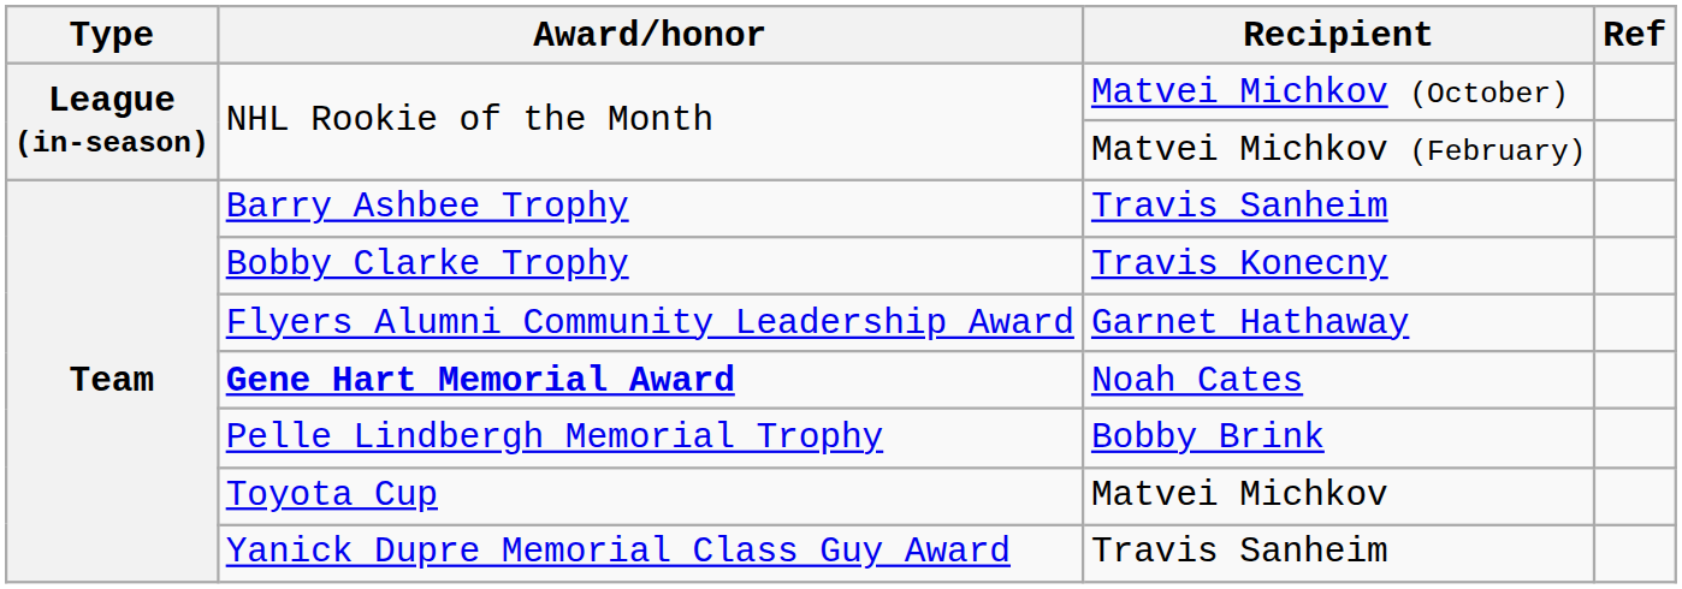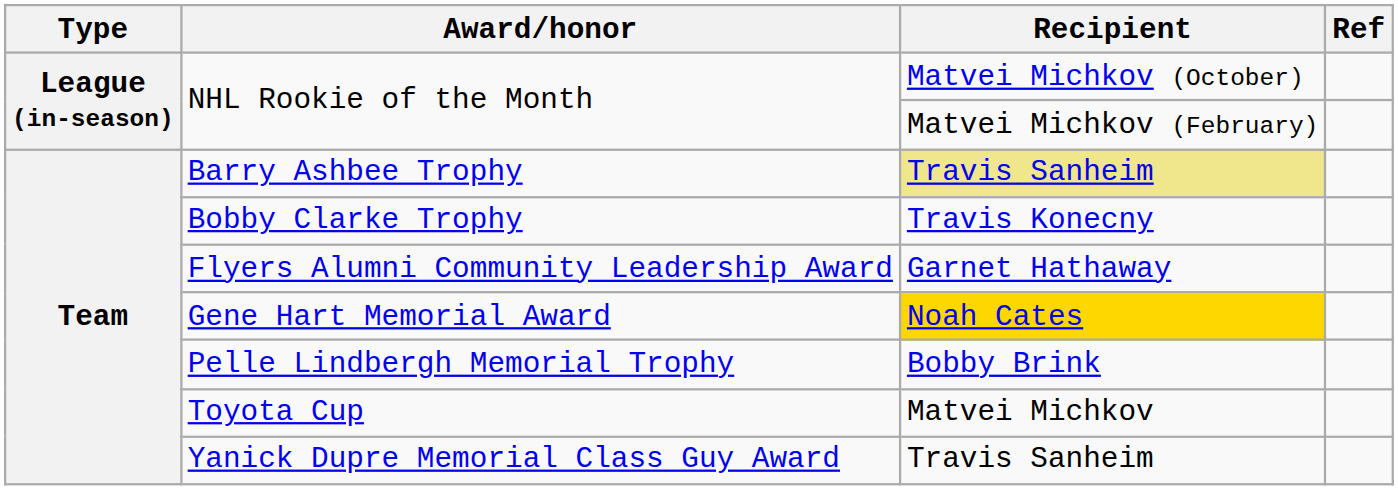 <table class="wikitable">
 <tr>
 <th scope="col">Type</th>
 <th scope="col">Award/honor</th>
 <th scope="col">Recipient</th>
 <th scope="col">Ref</th>
 </tr>
 <tr>
 <th scope="row" rowspan="2">League<br><small>(in-season)</small></th>
 <td rowspan="2">NHL Rookie of the Month</td>
 <td><a href='#'>Matvei Michkov</a> <small>(October)</small></td>
 <td></td>
 </tr>
 <tr>
 <td>Matvei Michkov <small>(February)</small></td>
 <td></td>
 </tr>
 <tr>
 <th scope="row" rowspan="7">Team</th>
 <td><a href='#'>Barry Ashbee Trophy</a></td>
-<td><a href='#'>Travis Sanheim</a></td>
+<td style="background: khaki;"><a href='#'>Travis Sanheim</a></td>
 <td></td>
 </tr>
 <tr>
 <td><a href='#'>Bobby Clarke Trophy</a></td>
 <td><a href='#'>Travis Konecny</a></td>
 <td></td>
 </tr>
 <tr>
 <td><a href='#'>Flyers Alumni Community Leadership Award</a></td>
 <td><a href='#'>Garnet Hathaway</a></td>
 <td></td>
 </tr>
 <tr>
-<td><strong><a href='#'>Gene Hart Memorial Award</a></strong></td>
-<td><a href='#'>Noah Cates</a></td>
+<td><a href='#'>Gene Hart Memorial Award</a></td>
+<td style="background: gold;"><a href='#'>Noah Cates</a></td>
 <td></td>
 </tr>
 <tr>
 <td><a href='#'>Pelle Lindbergh Memorial Trophy</a></td>
 <td><a href='#'>Bobby Brink</a></td>
 <td></td>
 </tr>
 <tr>
 <td><a href='#'>Toyota Cup</a></td>
 <td>Matvei Michkov</td>
 <td></td>
 </tr>
 <tr>
 <td><a href='#'>Yanick Dupre Memorial Class Guy Award</a></td>
 <td>Travis Sanheim</td>
 <td></td>
 </tr>
 </table>
